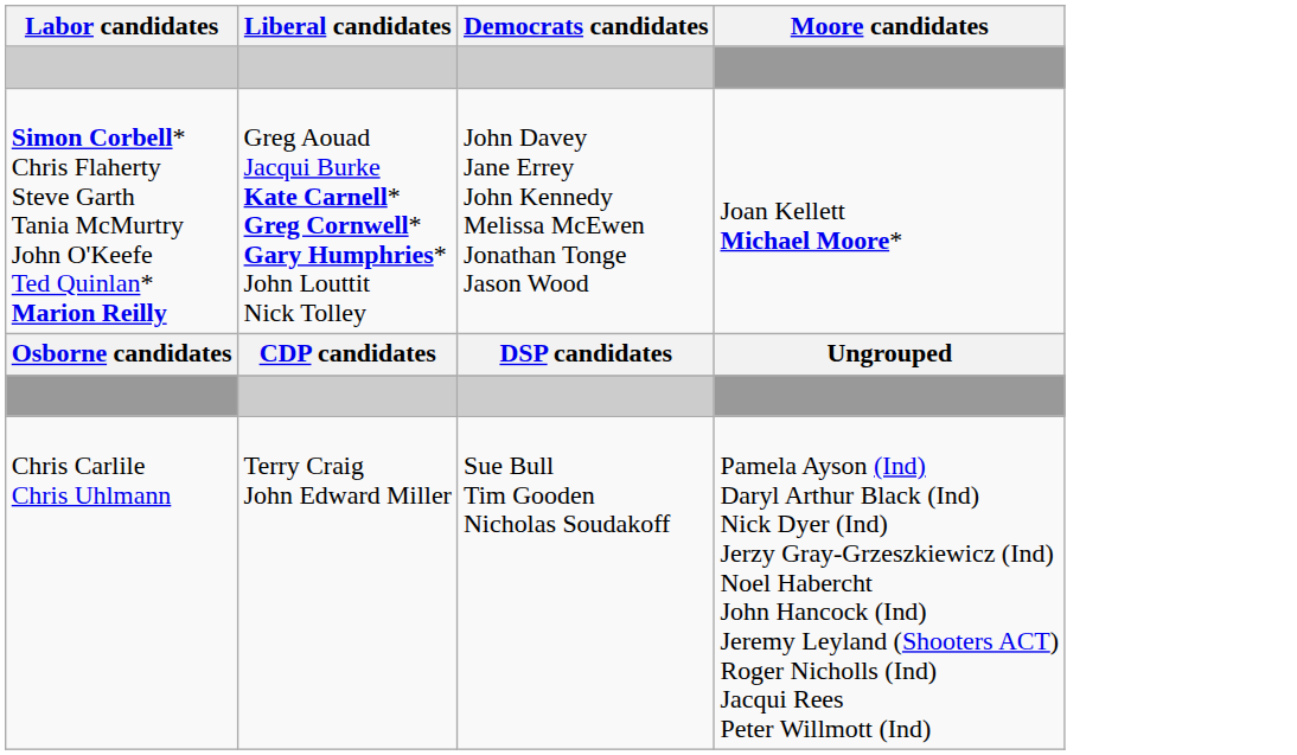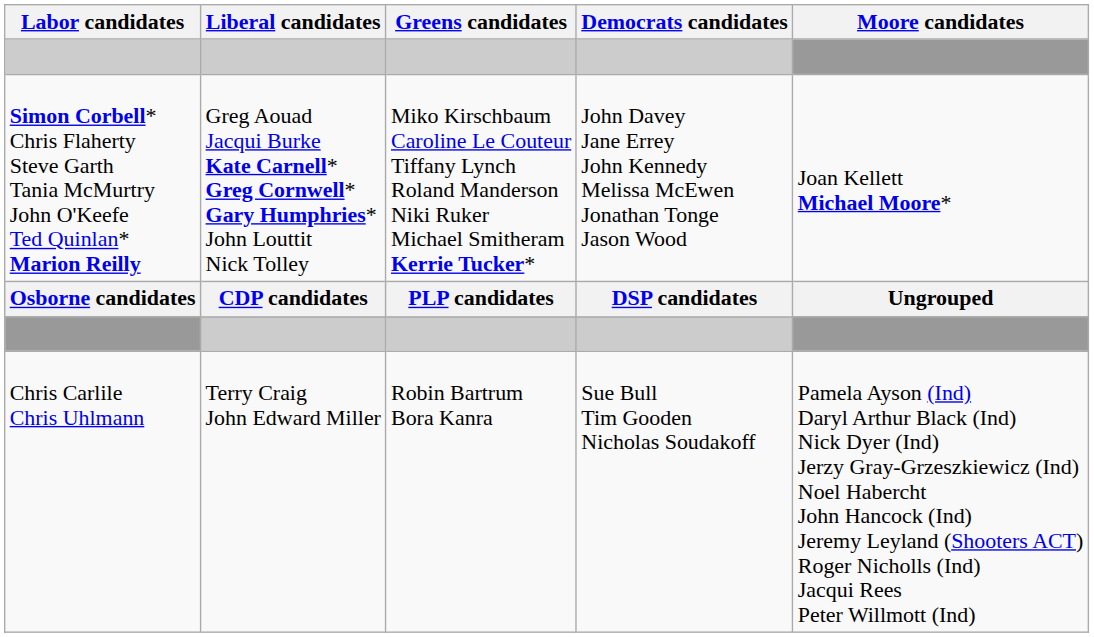 <table class="wikitable">
 <tr>
 <th><a href='#'>Labor</a> candidates</th>
 <th><a href='#'>Liberal</a> candidates</th>
+<th><a href='#'>Greens</a> candidates</th>
 <th><a href='#'>Democrats</a> candidates</th>
 <th><a href='#'>Moore</a> candidates</th>
 </tr>
 <tr bgcolor="#cccccc">
+<td></td>
 <td></td>
 <td></td>
 <td></td>
 <td bgcolor="#999999"> </td>
 </tr>
 <tr>
 <td><br><strong><a href='#'>Simon Corbell</a></strong>* <br> Chris Flaherty <br> Steve Garth <br> Tania McMurtry <br> John O'Keefe <br> <a href='#'>Ted Quinlan</a>* <br> <strong><a href='#'>Marion Reilly</a></strong></td>
 <td><br>Greg Aouad <br> <a href='#'>Jacqui Burke</a> <br> <strong><a href='#'>Kate Carnell</a></strong>* <br> <strong><a href='#'>Greg Cornwell</a></strong>* <br> <strong><a href='#'>Gary Humphries</a></strong>* <br> John Louttit <br> Nick Tolley</td>
+<td><br>Miko Kirschbaum <br> <a href='#'>Caroline Le Couteur</a> <br> Tiffany Lynch <br> Roland Manderson <br> Niki Ruker <br> Michael Smitheram <br> <strong><a href='#'>Kerrie Tucker</a></strong>*</td>
 <td valign=top><br>John Davey <br> Jane Errey <br> John Kennedy <br> Melissa McEwen <br> Jonathan Tonge <br> Jason Wood</td>
 <td><br>Joan Kellett <br> <strong><a href='#'>Michael Moore</a></strong>* <br></td>
 </tr>
 <tr bgcolor="#cccccc">
 <th><a href='#'>Osborne</a> candidates</th>
 <th><a href='#'>CDP</a> candidates</th>
+<th><a href='#'>PLP</a> candidates</th>
 <th><a href='#'>DSP</a> candidates</th>
 <th>Ungrouped</th>
 </tr>
 <tr bgcolor="#cccccc">
 <td bgcolor="#999999"></td>
 <td></td>
 <td></td>
+<td></td>
 <td bgcolor="#999999"> </td>
 </tr>
 <tr>
 <td valign=top><br>Chris Carlile <br> <a href='#'>Chris Uhlmann</a></td>
 <td valign=top><br>Terry Craig <br> John Edward Miller</td>
+<td valign=top><br>Robin Bartrum <br> Bora Kanra</td>
 <td valign=top><br>Sue Bull <br> Tim Gooden <br> Nicholas Soudakoff</td>
 <td valign=top><br>Pamela Ayson <a href='#'>(Ind)</a> <br> Daryl Arthur Black (Ind)  <br> Nick Dyer (Ind) <br> Jerzy Gray-Grzeszkiewicz (Ind)  <br> Noel Habercht <br> John Hancock (Ind) <br> Jeremy Leyland (<a href='#'>Shooters ACT</a>) <br> Roger Nicholls (Ind) <br> Jacqui Rees <br> Peter Willmott (Ind)</td>
 </tr>
 </table>
